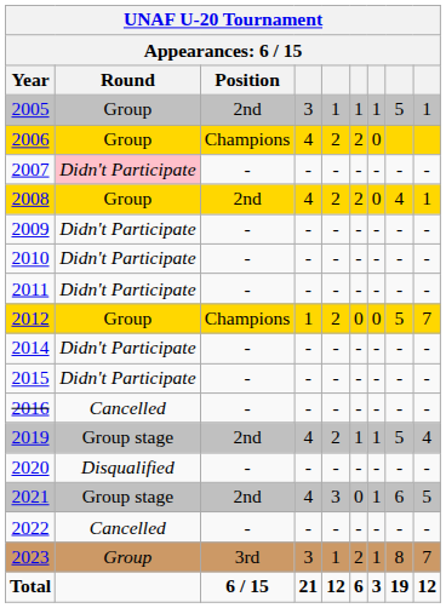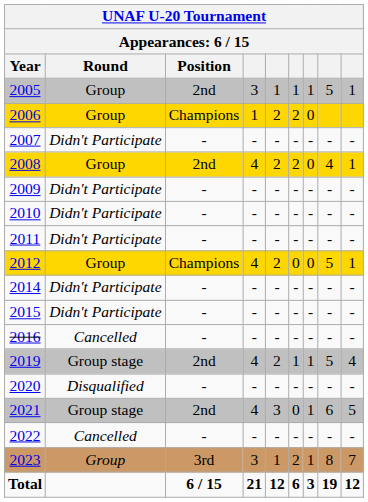 <table class="wikitable" style="text-align: center;">
 <tr>
 <th colspan=9><a href='#'>UNAF U-20 Tournament</a></th>
 </tr>
 <tr>
 <th colspan=9>Appearances: 6 / 15</th>
 </tr>
 <tr>
 <th>Year</th>
 <th>Round</th>
 <th>Position</th>
 <th></th>
 <th></th>
 <th></th>
 <th></th>
 <th></th>
 <th></th>
 </tr>
 <tr bgcolor=silver>
 <td> <a href='#'>2005</a></td>
 <td>Group</td>
 <td>2nd</td>
 <td>3</td>
 <td>1</td>
 <td>1</td>
 <td>1</td>
 <td>5</td>
 <td>1</td>
 </tr>
 <tr bgcolor=gold>
 <td> <a href='#'>2006</a></td>
 <td>Group</td>
 <td>Champions</td>
-<td>4</td>
+<td>1</td>
 <td>2</td>
 <td>2</td>
 <td>0</td>
 <td></td>
 <td></td>
 </tr>
 <tr>
 <td> <a href='#'>2007</a></td>
-<td style="background: pink;"><em>Didn't Participate</em></td>
+<td><em>Didn't Participate</em></td>
 <td>-</td>
 <td>-</td>
 <td>-</td>
 <td>-</td>
 <td>-</td>
 <td>-</td>
 <td>-</td>
 </tr>
 <tr bgcolor=gold>
 <td> <a href='#'>2008</a></td>
 <td>Group</td>
 <td>2nd</td>
 <td>4</td>
 <td>2</td>
 <td>2</td>
 <td>0</td>
 <td>4</td>
 <td>1</td>
 </tr>
 <tr>
 <td> <a href='#'>2009</a></td>
 <td><em>Didn't Participate</em></td>
 <td>-</td>
 <td>-</td>
 <td>-</td>
 <td>-</td>
 <td>-</td>
 <td>-</td>
 <td>-</td>
 </tr>
 <tr>
 <td> <a href='#'>2010</a></td>
 <td><em>Didn't Participate</em></td>
 <td>-</td>
 <td>-</td>
 <td>-</td>
 <td>-</td>
 <td>-</td>
 <td>-</td>
 <td>-</td>
 </tr>
 <tr>
 <td> <a href='#'>2011</a></td>
 <td><em>Didn't Participate</em></td>
 <td>-</td>
 <td>-</td>
 <td>-</td>
 <td>-</td>
 <td>-</td>
 <td>-</td>
 <td>-</td>
 </tr>
 <tr bgcolor=gold>
 <td> <a href='#'>2012</a></td>
 <td>Group</td>
 <td>Champions</td>
-<td>1</td>
+<td>4</td>
 <td>2</td>
 <td>0</td>
 <td>0</td>
 <td>5</td>
-<td>7</td>
+<td>1</td>
 </tr>
 <tr>
 <td> <a href='#'>2014</a></td>
 <td><em>Didn't Participate</em></td>
 <td>-</td>
 <td>-</td>
 <td>-</td>
 <td>-</td>
 <td>-</td>
 <td>-</td>
 <td>-</td>
 </tr>
 <tr>
 <td> <a href='#'>2015</a></td>
 <td><em>Didn't Participate</em></td>
 <td>-</td>
 <td>-</td>
 <td>-</td>
 <td>-</td>
 <td>-</td>
 <td>-</td>
 <td>-</td>
 </tr>
 <tr>
 <td> <s><a href='#'>2016</a></s></td>
 <td><em>Cancelled</em></td>
 <td>-</td>
 <td>-</td>
 <td>-</td>
 <td>-</td>
 <td>-</td>
 <td>-</td>
 <td>-</td>
 </tr>
 <tr bgcolor=silver>
 <td> <a href='#'>2019</a></td>
 <td>Group stage</td>
 <td>2nd</td>
 <td>4</td>
 <td>2</td>
 <td>1</td>
 <td>1</td>
 <td>5</td>
 <td>4</td>
 </tr>
 <tr>
 <td> <a href='#'>2020</a></td>
 <td><em>Disqualified</em></td>
 <td>-</td>
 <td>-</td>
 <td>-</td>
 <td>-</td>
 <td>-</td>
 <td>-</td>
 <td>-</td>
 </tr>
 <tr bgcolor=silver>
 <td> <a href='#'>2021</a></td>
 <td>Group stage</td>
 <td>2nd</td>
 <td>4</td>
 <td>3</td>
 <td>0</td>
 <td>1</td>
 <td>6</td>
 <td>5</td>
 </tr>
 <tr>
 <td> <a href='#'>2022</a></td>
 <td><em>Cancelled</em></td>
 <td>-</td>
 <td>-</td>
 <td>-</td>
 <td>-</td>
 <td>-</td>
 <td>-</td>
 <td>-</td>
 </tr>
 <tr style="background:#c96">
 <td> <a href='#'>2023</a></td>
 <td><em>Group</em></td>
 <td>3rd</td>
 <td>3</td>
 <td>1</td>
 <td>2</td>
 <td>1</td>
 <td>8</td>
 <td>7</td>
 </tr>
 <tr>
 <td><strong>Total</strong></td>
 <td></td>
 <td><strong>6 / 15</strong></td>
 <td><strong>21</strong></td>
 <td><strong>12</strong></td>
 <td><strong>6</strong></td>
 <td><strong>3</strong></td>
 <td><strong>19</strong></td>
 <td><strong>12</strong></td>
 </tr>
 </table>
